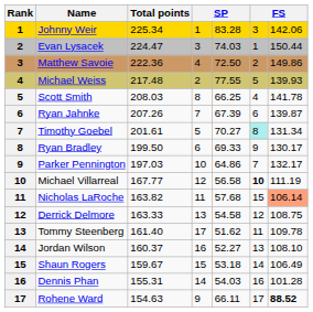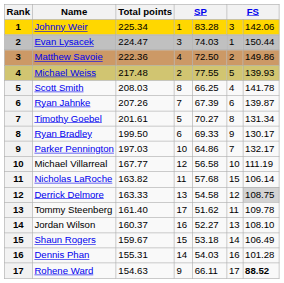 <table class="wikitable sortable">
 <tr>
 <th>Rank</th>
 <th>Name</th>
 <th>Total points</th>
 <th colspan="2" width="80px"><a href='#'>SP</a></th>
 <th colspan="2" width="80px"><a href='#'>FS</a></th>
 </tr>
 <tr bgcolor="gold">
 <td align="center"><strong>1</strong></td>
 <td><a href='#'>Johnny Weir</a></td>
 <td>225.34</td>
 <td>1</td>
 <td>83.28</td>
 <td>3</td>
 <td>142.06</td>
 </tr>
 <tr bgcolor="silver">
 <td align="center"><strong>2</strong></td>
 <td><a href='#'>Evan Lysacek</a></td>
 <td>224.47</td>
 <td>3</td>
 <td>74.03</td>
 <td>1</td>
 <td>150.44</td>
 </tr>
 <tr bgcolor="cc9966">
 <td align="center"><strong>3</strong></td>
 <td><a href='#'>Matthew Savoie</a></td>
 <td>222.36</td>
 <td>4</td>
 <td>72.50</td>
 <td>2</td>
 <td>149.86</td>
 </tr>
 <tr bgcolor="#d1c571">
 <td align="center"><strong>4</strong></td>
 <td><a href='#'>Michael Weiss</a></td>
 <td>217.48</td>
 <td>2</td>
 <td>77.55</td>
 <td>5</td>
 <td>139.93</td>
 </tr>
 <tr>
 <th>5</th>
 <td><a href='#'>Scott Smith</a></td>
 <td>208.03</td>
 <td>8</td>
 <td>66.25</td>
 <td>4</td>
 <td>141.78</td>
 </tr>
 <tr>
 <th>6</th>
 <td><a href='#'>Ryan Jahnke</a></td>
 <td>207.26</td>
 <td>7</td>
 <td>67.39</td>
 <td>6</td>
 <td>139.87</td>
 </tr>
 <tr>
 <th>7</th>
 <td><a href='#'>Timothy Goebel</a></td>
 <td>201.61</td>
 <td>5</td>
 <td>70.27</td>
-<td style="background: paleturquoise;">8</td>
+<td>8</td>
 <td>131.34</td>
 </tr>
 <tr>
 <th>8</th>
 <td><a href='#'>Ryan Bradley</a></td>
 <td>199.50</td>
 <td>6</td>
 <td>69.33</td>
 <td>9</td>
 <td>130.17</td>
 </tr>
 <tr>
 <th>9</th>
 <td><a href='#'>Parker Pennington</a></td>
 <td>197.03</td>
 <td>10</td>
 <td>64.86</td>
 <td>7</td>
 <td>132.17</td>
 </tr>
 <tr>
 <th>10</th>
 <td>Michael Villarreal</td>
 <td>167.77</td>
 <td>12</td>
 <td>56.58</td>
-<td><strong>10</strong></td>
+<td>10</td>
 <td>111.19</td>
 </tr>
 <tr>
 <th>11</th>
 <td><a href='#'>Nicholas LaRoche</a></td>
 <td>163.82</td>
 <td>11</td>
 <td>57.68</td>
 <td>15</td>
-<td style="background: lightsalmon;">106.14</td>
+<td>106.14</td>
 </tr>
 <tr>
 <th>12</th>
 <td><a href='#'>Derrick Delmore</a></td>
 <td>163.33</td>
 <td>13</td>
 <td>54.58</td>
 <td>12</td>
-<td>108.75</td>
+<td style="background: lightgrey;">108.75</td>
 </tr>
 <tr>
 <th>13</th>
 <td>Tommy Steenberg</td>
 <td>161.40</td>
 <td>17</td>
 <td>51.62</td>
 <td>11</td>
 <td>109.78</td>
 </tr>
 <tr>
 <th>14</th>
 <td>Jordan Wilson</td>
 <td>160.37</td>
 <td>16</td>
 <td>52.27</td>
 <td>13</td>
 <td>108.10</td>
 </tr>
 <tr>
 <th>15</th>
 <td><a href='#'>Shaun Rogers</a></td>
 <td>159.67</td>
 <td>15</td>
 <td>53.18</td>
 <td>14</td>
 <td>106.49</td>
 </tr>
 <tr>
 <th>16</th>
 <td><a href='#'>Dennis Phan</a></td>
 <td>155.31</td>
 <td>14</td>
 <td>54.03</td>
 <td>16</td>
 <td>101.28</td>
 </tr>
 <tr>
 <th>17</th>
 <td><a href='#'>Rohene Ward</a></td>
 <td>154.63</td>
 <td>9</td>
 <td>66.11</td>
 <td>17</td>
 <td><strong>88.52</strong></td>
 </tr>
 </table>
